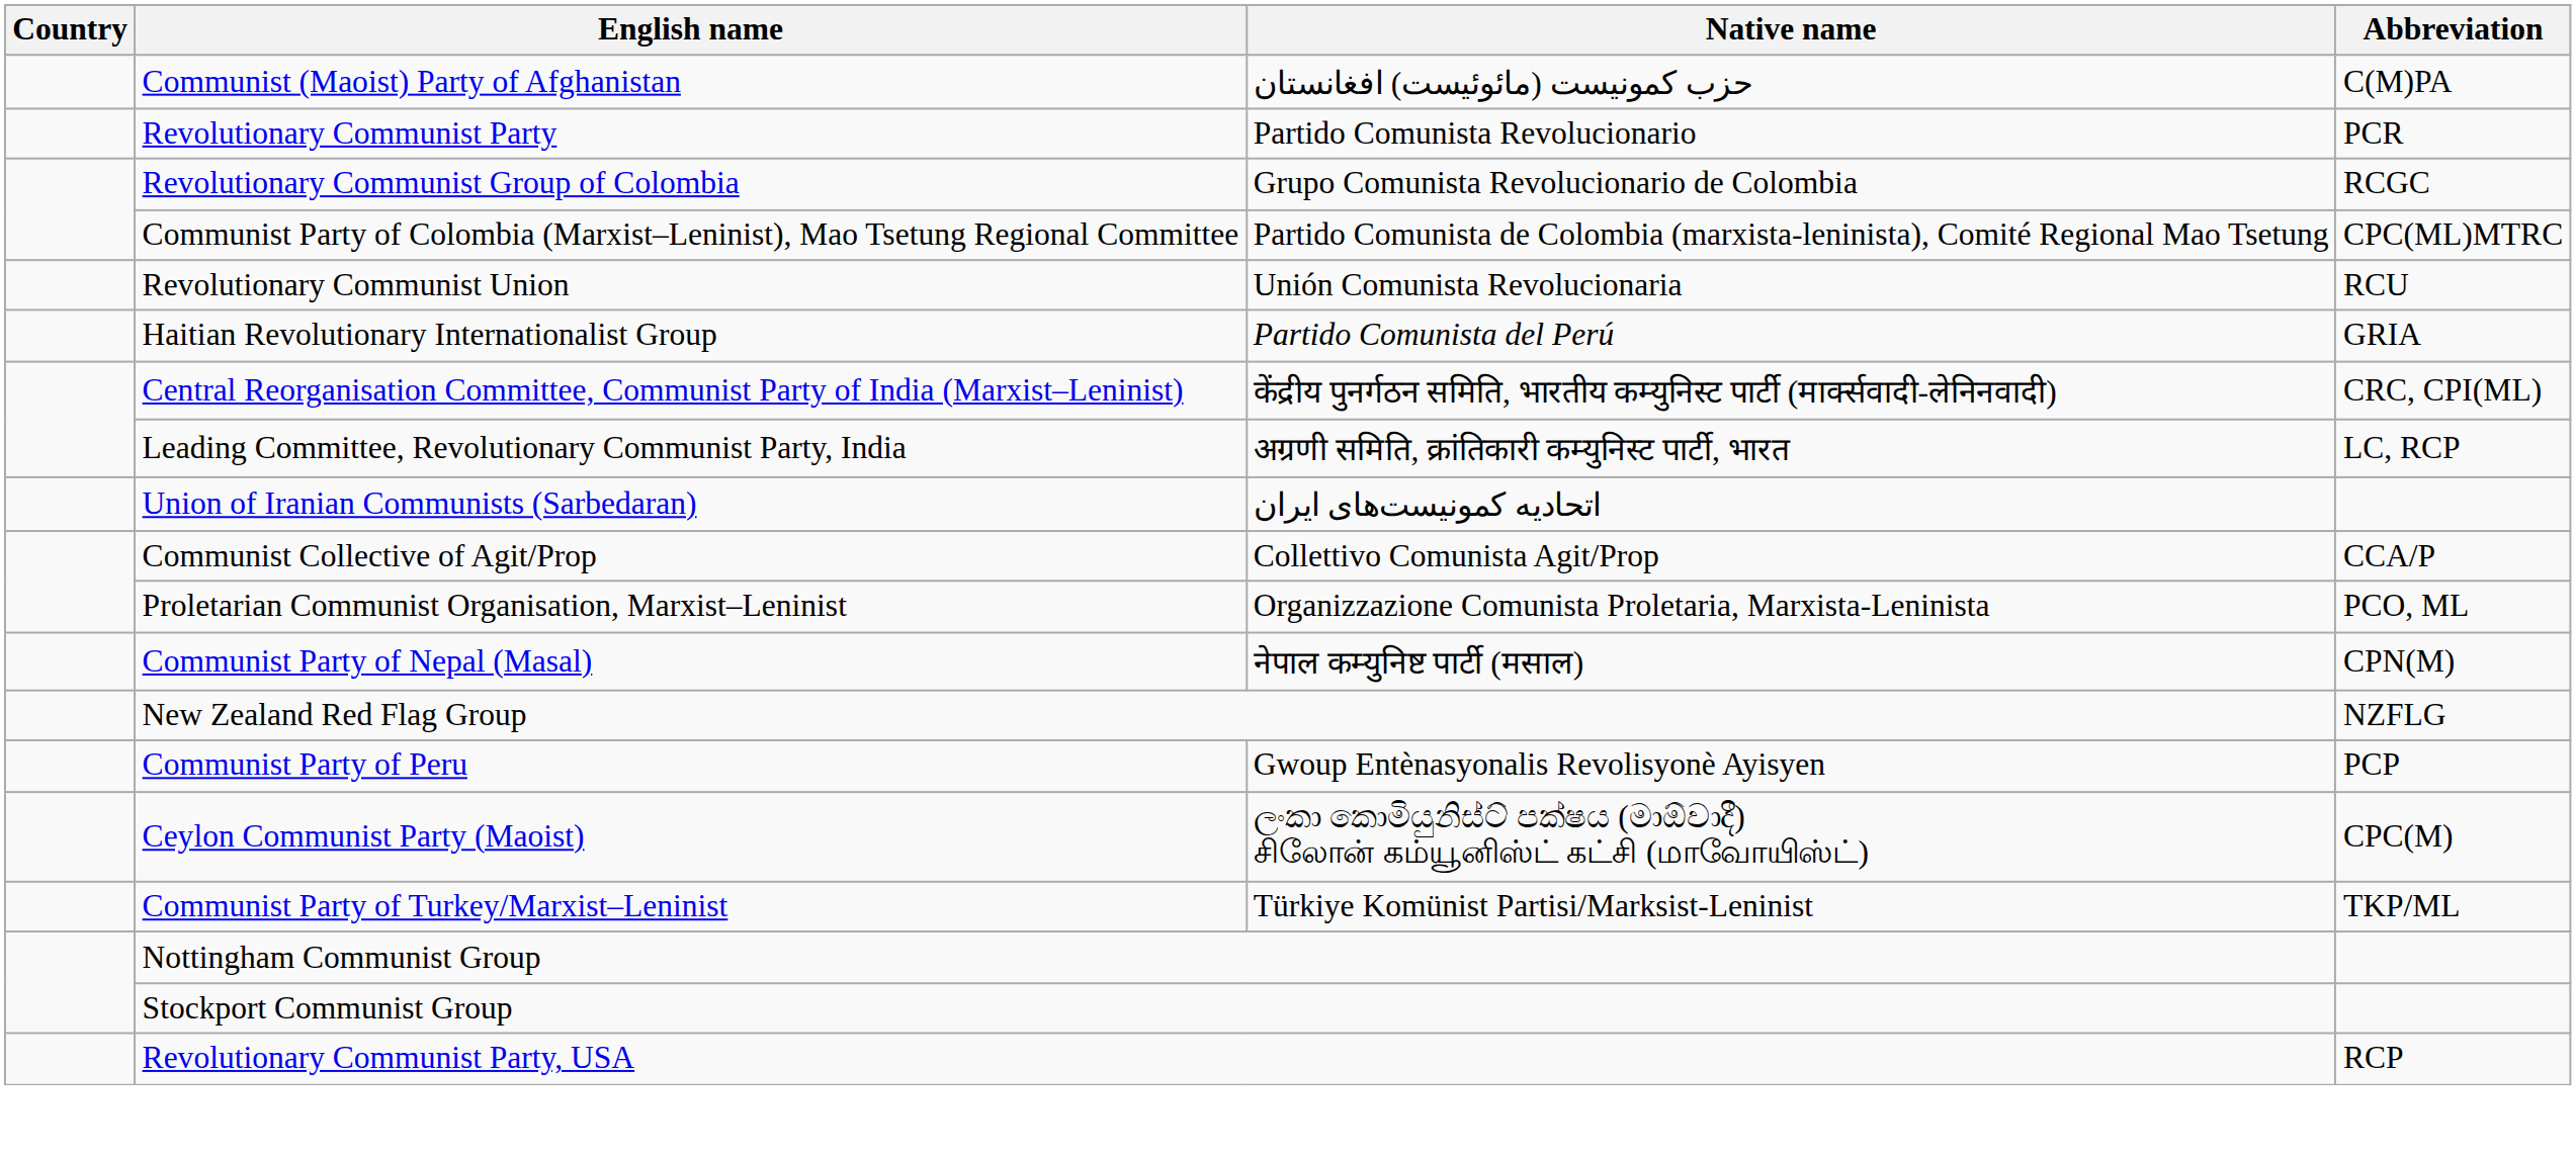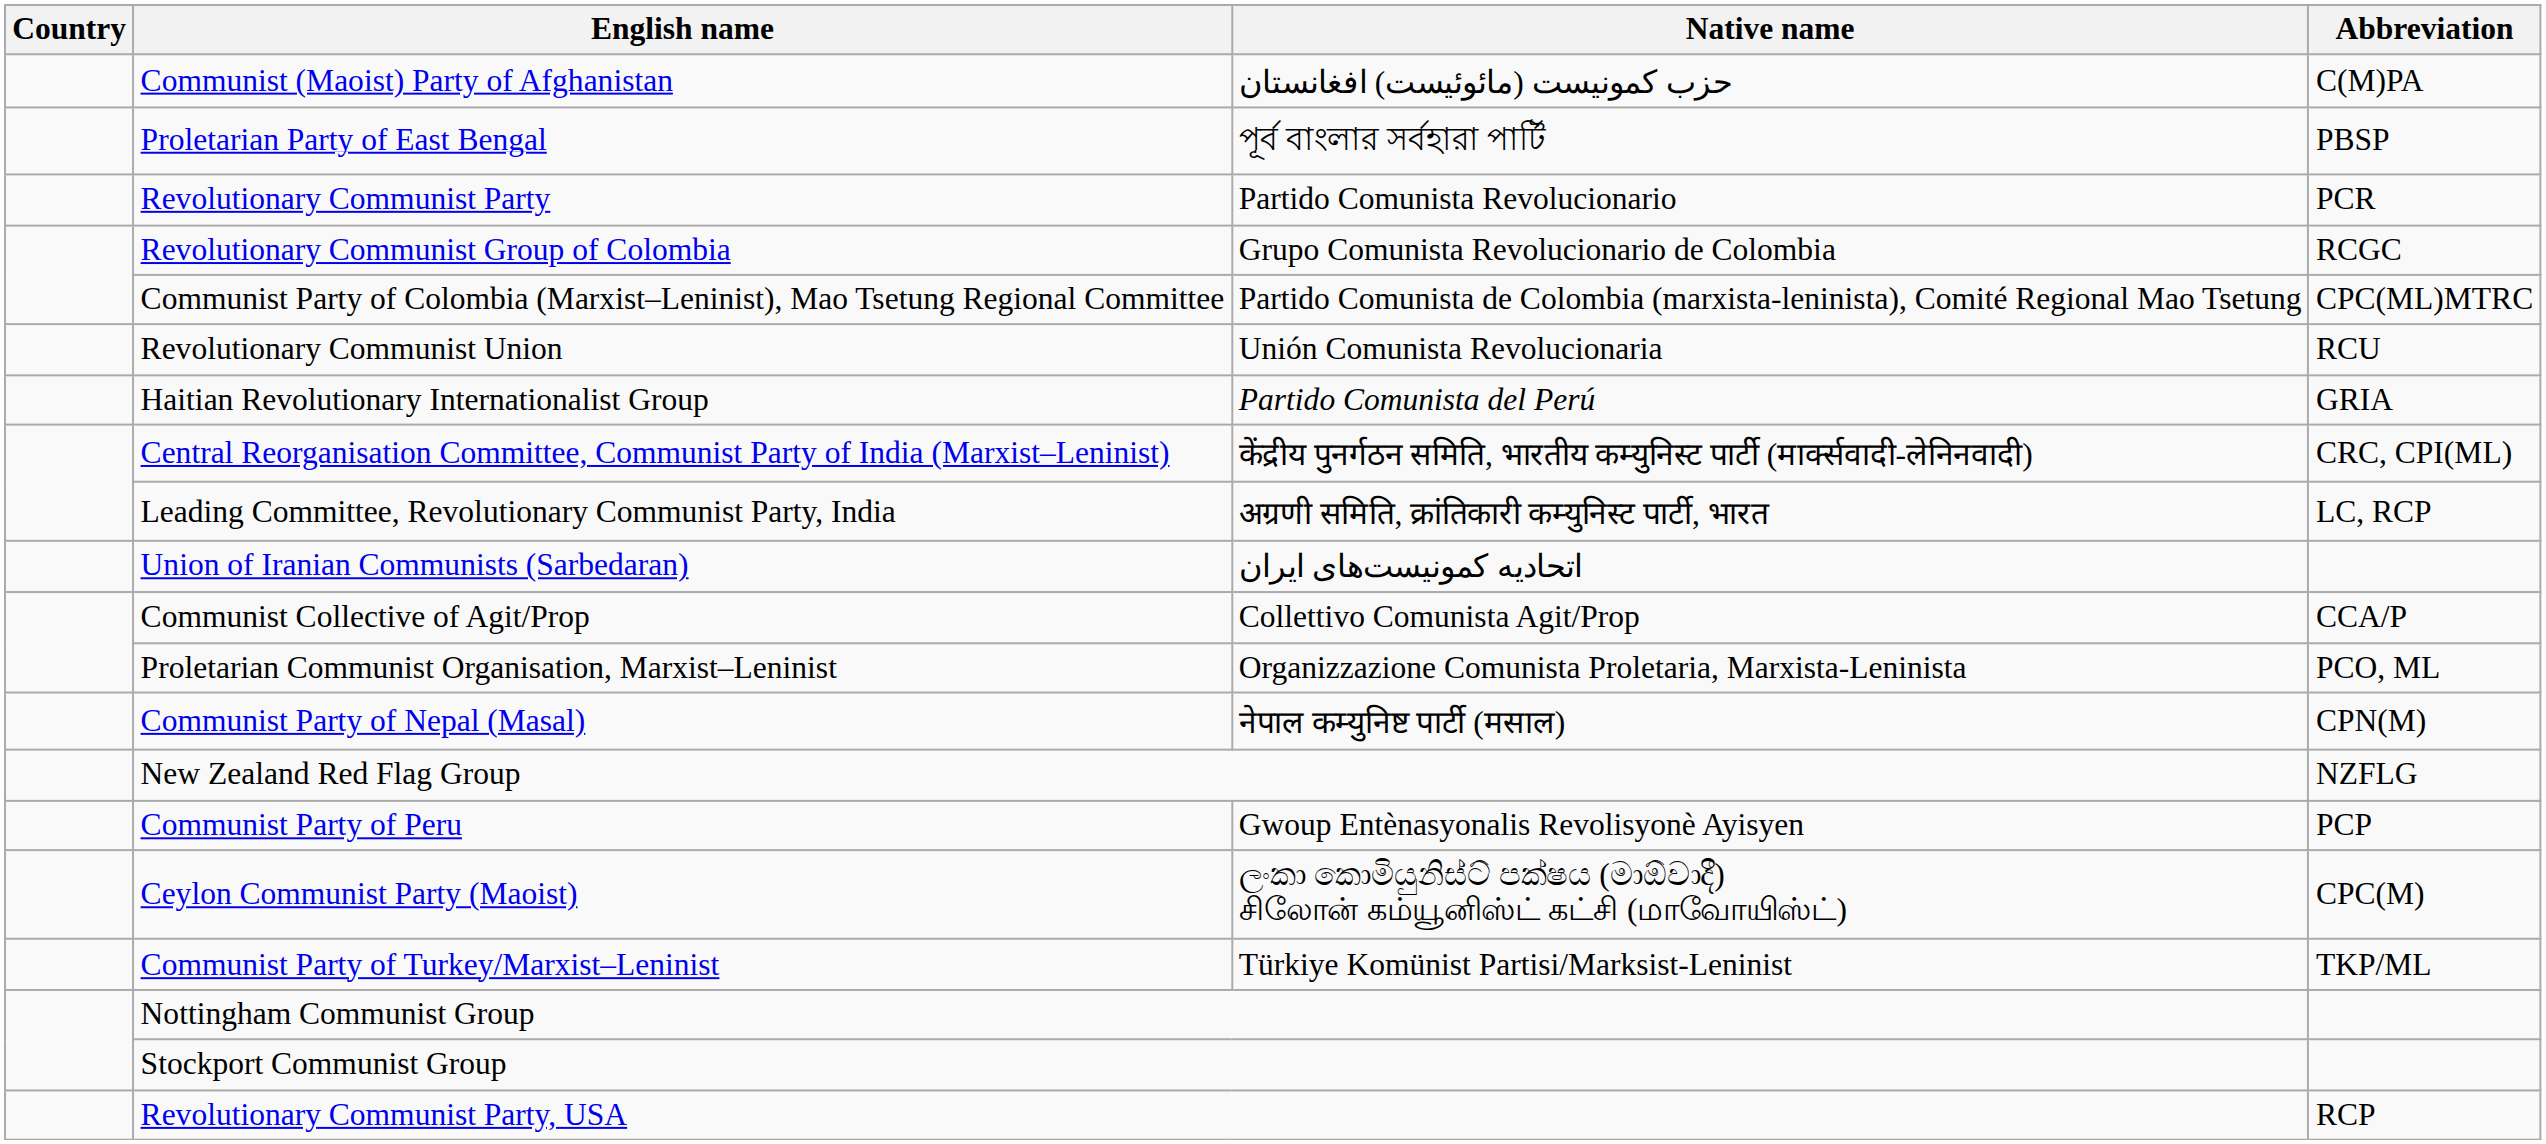 <table class="wikitable sortable">
 <tr>
 <th>Country</th>
 <th>English name</th>
 <th>Native name</th>
 <th>Abbreviation</th>
 </tr>
 <tr>
 <td></td>
 <td><a href='#'>Communist (Maoist) Party of Afghanistan</a></td>
 <td>حزب كمونيست (مائوئيست) افغانستان</td>
 <td>C(M)PA</td>
+</tr>
+<tr>
+<td></td>
+<td><a href='#'>Proletarian Party of East Bengal</a></td>
+<td>পূর্ব বাংলার সর্বহারা পার্টি</td>
+<td>PBSP</td>
 </tr>
 <tr>
 <td></td>
 <td><a href='#'>Revolutionary Communist Party</a></td>
 <td>Partido Comunista Revolucionario</td>
 <td>PCR</td>
 </tr>
 <tr>
 <td rowspan="2"></td>
 <td><a href='#'>Revolutionary Communist Group of Colombia</a></td>
 <td>Grupo Comunista Revolucionario de Colombia</td>
 <td>RCGC</td>
 </tr>
 <tr>
 <td>Communist Party of Colombia (Marxist–Leninist), Mao Tsetung Regional Committee</td>
 <td>Partido Comunista de Colombia (marxista-leninista), Comité Regional Mao Tsetung</td>
 <td>CPC(ML)MTRC</td>
 </tr>
 <tr>
 <td></td>
 <td>Revolutionary Communist Union</td>
 <td>Unión Comunista Revolucionaria</td>
 <td>RCU</td>
 </tr>
 <tr>
 <td></td>
 <td>Haitian Revolutionary Internationalist Group</td>
 <td><em>Partido Comunista del Perú</em></td>
 <td>GRIA</td>
 </tr>
 <tr>
 <td rowspan="2"></td>
 <td><a href='#'>Central Reorganisation Committee, Communist Party of India (Marxist–Leninist)</a></td>
 <td>केंद्रीय पुनर्गठन समिति, भारतीय कम्युनिस्ट पार्टी (मार्क्सवादी-लेनिनवादी)</td>
 <td>CRC, CPI(ML)</td>
 </tr>
 <tr>
 <td>Leading Committee, Revolutionary Communist Party, India</td>
 <td>अग्रणी समिति, क्रांतिकारी कम्युनिस्ट पार्टी, भारत</td>
 <td>LC, RCP</td>
 </tr>
 <tr>
 <td></td>
 <td><a href='#'>Union of Iranian Communists (Sarbedaran)</a></td>
 <td>اتحادیه کمونیست‌های ایران</td>
 <td></td>
 </tr>
 <tr>
 <td rowspan="2"></td>
 <td>Communist Collective of Agit/Prop</td>
 <td>Collettivo Comunista Agit/Prop</td>
 <td>CCA/P</td>
 </tr>
 <tr>
 <td>Proletarian Communist Organisation, Marxist–Leninist</td>
 <td>Organizzazione Comunista Proletaria, Marxista-Leninista</td>
 <td>PCO, ML</td>
 </tr>
 <tr>
 <td></td>
 <td><a href='#'>Communist Party of Nepal (Masal)</a></td>
 <td>नेपाल कम्युनिष्ट पार्टी (मसाल)</td>
 <td>CPN(M)</td>
 </tr>
 <tr>
 <td></td>
 <td colspan="2">New Zealand Red Flag Group</td>
 <td>NZFLG</td>
 </tr>
 <tr>
 <td></td>
 <td><a href='#'>Communist Party of Peru</a></td>
 <td>Gwoup Entènasyonalis Revolisyonè Ayisyen</td>
 <td>PCP</td>
 </tr>
 <tr>
 <td></td>
 <td><a href='#'>Ceylon Communist Party (Maoist)</a></td>
 <td>ලංකා කොමියුනිස්ට් පක්ෂය (මාඕවාදී)<br>சிலோன் கம்யூனிஸ்ட் கட்சி (மாவோயிஸ்ட்)</td>
 <td>CPC(M)</td>
 </tr>
 <tr>
 <td></td>
 <td><a href='#'>Communist Party of Turkey/Marxist–Leninist</a></td>
 <td>Türkiye Komünist Partisi/Marksist-Leninist</td>
 <td>TKP/ML</td>
 </tr>
 <tr>
 <td rowspan="2"></td>
 <td colspan="2">Nottingham Communist Group</td>
 <td></td>
 </tr>
 <tr>
 <td colspan="2">Stockport Communist Group</td>
 <td></td>
 </tr>
 <tr>
 <td></td>
 <td colspan="2"><a href='#'>Revolutionary Communist Party, USA</a></td>
 <td>RCP</td>
 </tr>
 </table>
